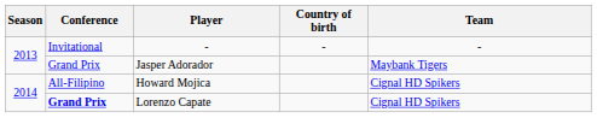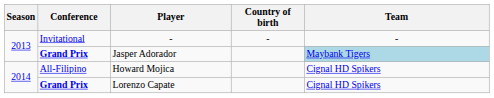 <table class="wikitable plainrowheaders sortable" width="90%" summary="Season (sortable), Player (sortable), Position (sortable), Nationality (sortable) and Team (sortable)">
 <tr>
 <th scope="col" width="5%">Season</th>
 <th scope="col" width="15%">Conference</th>
 <th scope="col" width="25%">Player</th>
 <th scope="col" width="15%">Country of birth</th>
 <th scope="col">Team</th>
 </tr>
 <tr>
 <td rowspan="2" align=center><a href='#'>2013</a></td>
 <td><a href='#'>Invitational</a></td>
 <td align=center>-</td>
 <td align=center>-</td>
 <td align=center>-</td>
 </tr>
 <tr>
-<td><a href='#'>Grand Prix</a></td>
+<td><strong><a href='#'>Grand Prix</a></strong></td>
 <td>Jasper Adorador</td>
 <td></td>
-<td><a href='#'>Maybank Tigers</a></td>
+<td style="background: lightblue;"><a href='#'>Maybank Tigers</a></td>
 </tr>
 <tr>
 <td rowspan="2" align=center><a href='#'>2014</a></td>
 <td><a href='#'>All-Filipino</a></td>
 <td>Howard Mojica</td>
 <td></td>
 <td><a href='#'>Cignal HD Spikers</a></td>
 </tr>
 <tr>
 <td><strong><a href='#'>Grand Prix</a></strong></td>
 <td>Lorenzo Capate</td>
 <td></td>
 <td><a href='#'>Cignal HD Spikers</a></td>
 </tr>
 </table>
